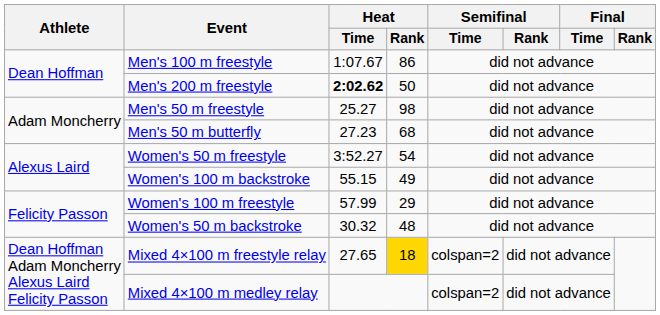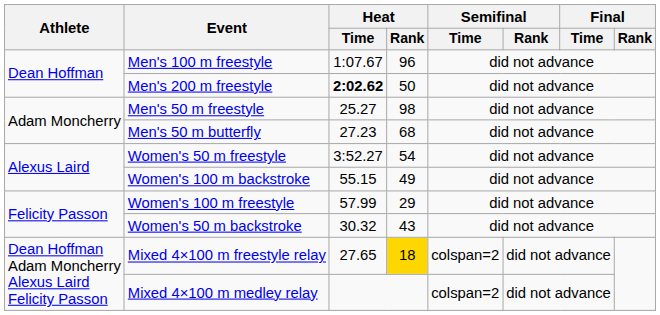 <table class=wikitable style="font-size:90%">
 <tr>
 <th rowspan="2">Athlete</th>
 <th rowspan="2">Event</th>
 <th colspan="2">Heat</th>
 <th colspan="2">Semifinal</th>
 <th colspan="2">Final</th>
 </tr>
 <tr style="font-size:95%">
 <th>Time</th>
 <th>Rank</th>
 <th>Time</th>
 <th>Rank</th>
 <th>Time</th>
 <th>Rank</th>
 </tr>
 <tr align=center>
 <td align=left rowspan=2><a href='#'>Dean Hoffman</a></td>
 <td align=left><a href='#'>Men's 100 m freestyle</a></td>
 <td>1:07.67</td>
-<td>86</td>
+<td>96</td>
 <td colspan=4>did not advance</td>
 </tr>
 <tr align=center>
 <td align=left><a href='#'>Men's 200 m freestyle</a></td>
 <td><strong>2:02.62</strong></td>
 <td>50</td>
 <td colspan=4>did not advance</td>
 </tr>
 <tr align=center>
 <td align=left rowspan=2>Adam Moncherry</td>
 <td align=left><a href='#'>Men's 50 m freestyle</a></td>
 <td>25.27</td>
 <td>98</td>
 <td colspan=4>did not advance</td>
 </tr>
 <tr align=center>
 <td align=left><a href='#'>Men's 50 m butterfly</a></td>
 <td>27.23</td>
 <td>68</td>
 <td colspan=4>did not advance</td>
 </tr>
 <tr align=center>
 <td align=left rowspan=2><a href='#'>Alexus Laird</a></td>
 <td align=left><a href='#'>Women's 50 m freestyle</a></td>
 <td>3:52.27</td>
 <td>54</td>
 <td colspan=4>did not advance</td>
 </tr>
 <tr align=center>
 <td align=left><a href='#'>Women's 100 m backstroke</a></td>
 <td>55.15</td>
 <td>49</td>
 <td colspan=4>did not advance</td>
 </tr>
 <tr align=center>
 <td align=left rowspan=2><a href='#'>Felicity Passon</a></td>
 <td align=left><a href='#'>Women's 100 m freestyle</a></td>
 <td>57.99</td>
 <td>29</td>
 <td colspan=4>did not advance</td>
 </tr>
 <tr align=center>
 <td align=left><a href='#'>Women's 50 m backstroke</a></td>
 <td>30.32</td>
-<td>48</td>
+<td>43</td>
 <td colspan=4>did not advance</td>
 </tr>
 <tr align=center>
 <td align=left rowspan=2><a href='#'>Dean Hoffman</a><br>Adam Moncherry<br><a href='#'>Alexus Laird</a><br><a href='#'>Felicity Passon</a></td>
 <td align=left><a href='#'>Mixed 4×100 m freestyle relay</a></td>
 <td>27.65</td>
 <td style="background: gold;">18</td>
 <td>colspan=2 </td>
 <td colspan=2>did not advance</td>
 </tr>
 <tr align=center>
 <td align=left><a href='#'>Mixed 4×100 m medley relay</a></td>
 <td colspan=2></td>
 <td>colspan=2 </td>
 <td colspan=2>did not advance</td>
 </tr>
 </table>
